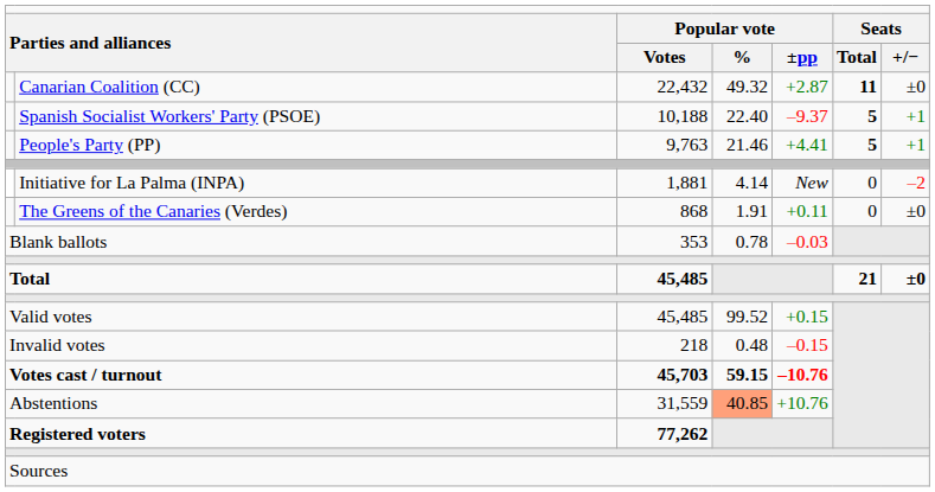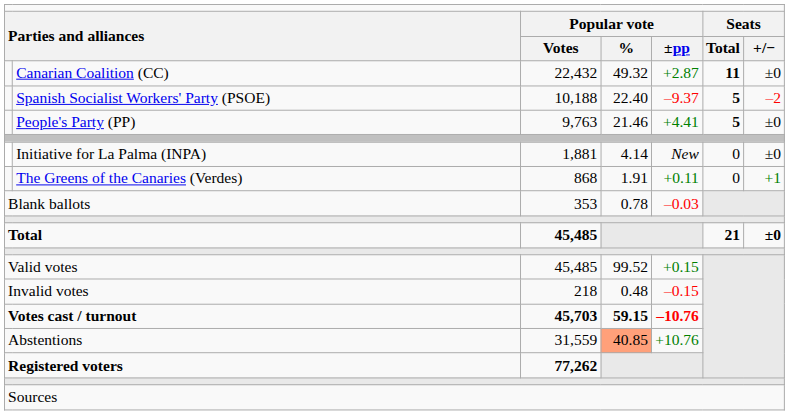 <table class="wikitable" style="text-align:right;">
 <tr>
 <td colspan="7"></td>
 </tr>
 <tr>
 <th style="text-align:left;" rowspan="2" colspan="2" width="525">Parties and alliances</th>
 <th colspan="3">Popular vote</th>
 <th colspan="2">Seats</th>
 </tr>
 <tr>
 <th width="75">Votes</th>
 <th width="45">%</th>
 <th width="45">±<a href='#'>pp</a></th>
 <th width="35">Total</th>
 <th width="35">+/−</th>
 </tr>
 <tr>
 <td width="1" style="color:inherit;background:"></td>
 <td align="left"><a href='#'>Canarian Coalition</a> (CC)</td>
 <td>22,432</td>
 <td>49.32</td>
 <td style="color:green;">+2.87</td>
 <td><strong>11</strong></td>
 <td>±0</td>
 </tr>
 <tr>
 <td style="color:inherit;background:"></td>
 <td align="left"><a href='#'>Spanish Socialist Workers' Party</a> (PSOE)</td>
 <td>10,188</td>
 <td>22.40</td>
 <td style="color:red;">–9.37</td>
 <td><strong>5</strong></td>
-<td style="color:green;">+1</td>
+<td style="color:red;">–2</td>
 </tr>
 <tr>
 <td style="color:inherit;background:"></td>
 <td align="left"><a href='#'>People's Party</a> (PP)</td>
 <td>9,763</td>
 <td>21.46</td>
 <td style="color:green;">+4.41</td>
 <td><strong>5</strong></td>
-<td style="color:green;">+1</td>
+<td>±0</td>
 </tr>
 <tr>
 <td colspan="7" bgcolor="#C0C0C0"></td>
 </tr>
 <tr>
 <td bgcolor="white"></td>
 <td align="left">Initiative for La Palma (INPA)</td>
 <td>1,881</td>
 <td>4.14</td>
 <td><em>New</em></td>
 <td>0</td>
-<td style="color:red;">–2</td>
+<td>±0</td>
 </tr>
 <tr>
 <td style="color:inherit;background:"></td>
 <td align="left"><a href='#'>The Greens of the Canaries</a> (Verdes)</td>
 <td>868</td>
 <td>1.91</td>
 <td style="color:green;">+0.11</td>
 <td>0</td>
-<td>±0</td>
+<td style="color:green;">+1</td>
 </tr>
 <tr>
 <td align="left" colspan="2">Blank ballots</td>
 <td>353</td>
 <td>0.78</td>
 <td style="color:red;">–0.03</td>
 <td bgcolor="#E9E9E9" colspan="2"></td>
 </tr>
 <tr>
 <td colspan="7" bgcolor="#E9E9E9"></td>
 </tr>
 <tr style="font-weight:bold;">
 <td align="left" colspan="2">Total</td>
 <td>45,485</td>
 <td bgcolor="#E9E9E9" colspan="2"></td>
 <td>21</td>
 <td>±0</td>
 </tr>
 <tr>
 <td colspan="7" bgcolor="#E9E9E9"></td>
 </tr>
 <tr>
 <td align="left" colspan="2">Valid votes</td>
 <td>45,485</td>
 <td>99.52</td>
 <td style="color:green;">+0.15</td>
 <td bgcolor="#E9E9E9" colspan="2" rowspan="5"></td>
 </tr>
 <tr>
 <td align="left" colspan="2">Invalid votes</td>
 <td>218</td>
 <td>0.48</td>
 <td style="color:red;">–0.15</td>
 </tr>
 <tr style="font-weight:bold;">
 <td align="left" colspan="2">Votes cast / turnout</td>
 <td>45,703</td>
 <td>59.15</td>
 <td style="color:red;">–10.76</td>
 </tr>
 <tr>
 <td align="left" colspan="2">Abstentions</td>
 <td>31,559</td>
 <td style="background: lightsalmon;">40.85</td>
 <td style="color:green;">+10.76</td>
 </tr>
 <tr style="font-weight:bold;">
 <td align="left" colspan="2">Registered voters</td>
 <td>77,262</td>
 <td bgcolor="#E9E9E9" colspan="2"></td>
 </tr>
 <tr>
 <td colspan="7" bgcolor="#E9E9E9"></td>
 </tr>
 <tr>
 <td align="left" colspan="7">Sources</td>
 </tr>
 </table>
